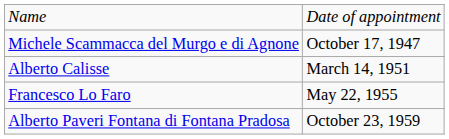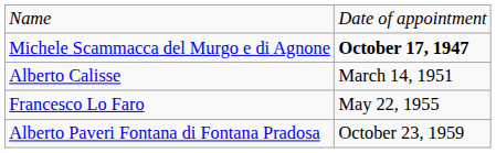 <table class=wikitable>
 <tr>
 <td><em>Name</em></td>
 <td><em>Date of appointment</em></td>
 </tr>
 <tr>
 <td><a href='#'>Michele Scammacca del Murgo e di Agnone</a></td>
-<td>October 17, 1947</td>
+<td><strong>October 17, 1947</strong></td>
 </tr>
 <tr>
 <td><a href='#'>Alberto Calisse</a></td>
 <td>March 14, 1951</td>
 </tr>
 <tr>
 <td><a href='#'>Francesco Lo Faro</a></td>
 <td>May 22, 1955</td>
 </tr>
 <tr>
 <td><a href='#'>Alberto Paveri Fontana di Fontana Pradosa</a></td>
 <td>October 23, 1959</td>
 </tr>
 </table>
